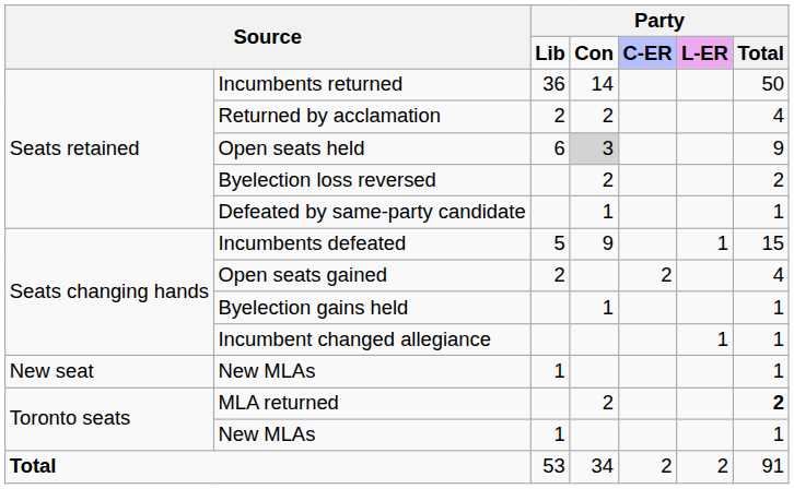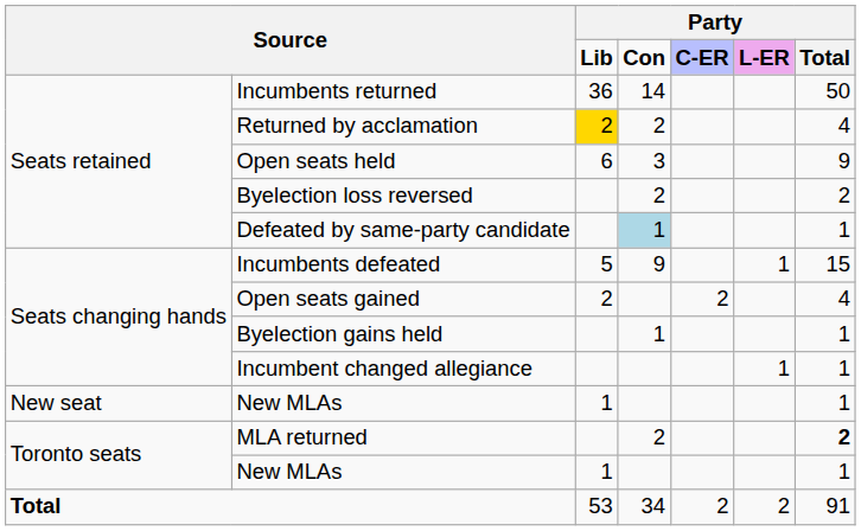 <table class="wikitable" style="text-align:right;">
 <tr>
 <th colspan="2" rowspan="2">Source</th>
 <th colspan="5">Party</th>
 </tr>
 <tr>
 <td><strong>Lib</strong></td>
 <td><strong>Con</strong></td>
 <td style="background-color:#B8BFFE;text-align:center;"><strong>C-ER</strong></td>
 <td style="background-color:#EEAAEE;text-align:left;"><strong>L-ER</strong></td>
 <th>Total</th>
 </tr>
 <tr>
 <td rowspan="5" style="text-align:left;">Seats retained</td>
 <td style="text-align:left;">Incumbents returned</td>
 <td>36</td>
 <td>14</td>
 <td></td>
 <td></td>
 <td>50</td>
 </tr>
 <tr>
 <td style="text-align:left;">Returned by acclamation</td>
-<td>2</td>
+<td style="background: gold;">2</td>
 <td>2</td>
 <td></td>
 <td></td>
 <td>4</td>
 </tr>
 <tr>
 <td style="text-align:left;">Open seats held</td>
 <td>6</td>
-<td style="background: lightgrey;">3</td>
+<td>3</td>
 <td></td>
 <td></td>
 <td>9</td>
 </tr>
 <tr>
 <td style="text-align:left;">Byelection loss reversed</td>
 <td></td>
 <td>2</td>
 <td></td>
 <td></td>
 <td>2</td>
 </tr>
 <tr>
 <td style="text-align:left;">Defeated by same-party candidate</td>
 <td></td>
-<td>1</td>
+<td style="background: lightblue;">1</td>
 <td></td>
 <td></td>
 <td>1</td>
 </tr>
 <tr>
 <td rowspan="4" style="text-align:left;">Seats changing hands</td>
 <td style="text-align:left;">Incumbents defeated</td>
 <td>5</td>
 <td>9</td>
 <td></td>
 <td>1</td>
 <td>15</td>
 </tr>
 <tr>
 <td style="text-align:left;">Open seats gained</td>
 <td>2</td>
 <td></td>
 <td>2</td>
 <td></td>
 <td>4</td>
 </tr>
 <tr>
 <td style="text-align:left;">Byelection gains held</td>
 <td></td>
 <td>1</td>
 <td></td>
 <td></td>
 <td>1</td>
 </tr>
 <tr>
 <td style="text-align:left;">Incumbent changed allegiance</td>
 <td></td>
 <td></td>
 <td></td>
 <td>1</td>
 <td>1</td>
 </tr>
 <tr>
 <td style="text-align:left;">New seat</td>
 <td style="text-align:left;">New MLAs</td>
 <td>1</td>
 <td></td>
 <td></td>
 <td></td>
 <td>1</td>
 </tr>
 <tr>
 <td rowspan="2" style="text-align:left;">Toronto seats</td>
 <td style="text-align:left;">MLA returned</td>
 <td></td>
 <td>2</td>
 <td></td>
 <td></td>
 <td><strong>2</strong></td>
 </tr>
 <tr>
 <td style="text-align:left;">New MLAs</td>
 <td>1</td>
 <td></td>
 <td></td>
 <td></td>
 <td>1</td>
 </tr>
 <tr>
 <td colspan="2" style="text-align:left;"><strong>Total</strong></td>
 <td>53</td>
 <td>34</td>
 <td>2</td>
 <td>2</td>
 <td>91</td>
 </tr>
 </table>
